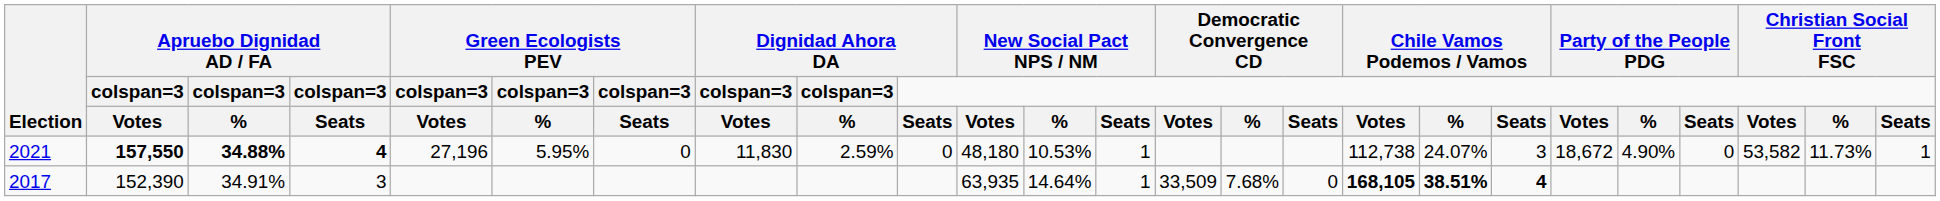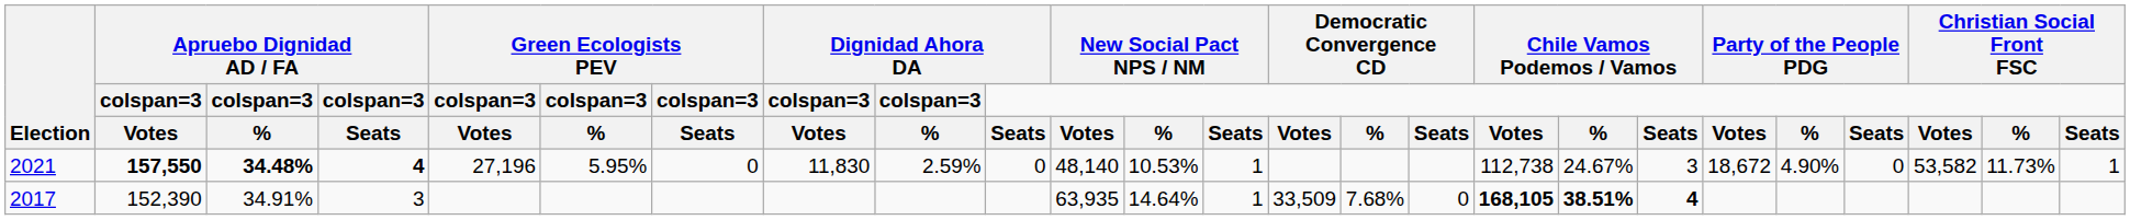 <table class="wikitable" border="1" style="font-size:95%; text-align:right;">
 <tr>
 <th style="text-align:left;" valign=bottom rowspan=3>Election</th>
 <th valign=bottom colspan=3><a href='#'>Apruebo Dignidad</a><br>AD / FA</th>
 <th valign=bottom colspan=3><a href='#'>Green Ecologists</a><br>PEV</th>
 <th valign=bottom colspan=3><a href='#'>Dignidad Ahora</a><br>DA</th>
 <th valign=bottom colspan=3><a href='#'>New Social Pact</a><br>NPS / NM</th>
 <th valign=bottom colspan=3>Democratic<br>Convergence<br>CD</th>
 <th valign=bottom colspan=3><a href='#'>Chile Vamos</a><br>Podemos / Vamos</th>
 <th valign=bottom colspan=3><a href='#'>Party of the People</a><br>PDG</th>
 <th valign=bottom colspan=3><a href='#'>Christian Social Front</a><br>FSC</th>
 </tr>
 <tr>
 <th>colspan=3 </th>
 <th>colspan=3 </th>
 <th>colspan=3 </th>
 <th>colspan=3 </th>
 <th>colspan=3 </th>
 <th>colspan=3 </th>
 <th>colspan=3 </th>
 <th>colspan=3 </th>
 </tr>
 <tr>
 <th>Votes</th>
 <th>%</th>
 <th>Seats</th>
 <th>Votes</th>
 <th>%</th>
 <th>Seats</th>
 <th>Votes</th>
 <th>%</th>
 <th>Seats</th>
 <th>Votes</th>
 <th>%</th>
 <th>Seats</th>
 <th>Votes</th>
 <th>%</th>
 <th>Seats</th>
 <th>Votes</th>
 <th>%</th>
 <th>Seats</th>
 <th>Votes</th>
 <th>%</th>
 <th>Seats</th>
 <th>Votes</th>
 <th>%</th>
 <th>Seats</th>
 </tr>
 <tr>
 <td align=left><a href='#'>2021</a></td>
 <td><strong>157,550</strong></td>
-<td><strong>34.88%</strong></td>
+<td><strong>34.48%</strong></td>
 <td><strong>4</strong></td>
 <td>27,196</td>
 <td>5.95%</td>
 <td>0</td>
 <td>11,830</td>
 <td>2.59%</td>
 <td>0</td>
-<td>48,180</td>
+<td>48,140</td>
 <td>10.53%</td>
 <td>1</td>
 <td></td>
 <td></td>
 <td></td>
 <td>112,738</td>
-<td>24.07%</td>
+<td>24.67%</td>
 <td>3</td>
 <td>18,672</td>
 <td>4.90%</td>
 <td>0</td>
 <td>53,582</td>
 <td>11.73%</td>
 <td>1</td>
 </tr>
 <tr>
 <td align=left><a href='#'>2017</a></td>
 <td>152,390</td>
 <td>34.91%</td>
 <td>3</td>
 <td></td>
 <td></td>
 <td></td>
 <td></td>
 <td></td>
 <td></td>
 <td>63,935</td>
 <td>14.64%</td>
 <td>1</td>
 <td>33,509</td>
 <td>7.68%</td>
 <td>0</td>
 <td><strong>168,105</strong></td>
 <td><strong>38.51%</strong></td>
 <td><strong>4</strong></td>
 <td></td>
 <td></td>
 <td></td>
 <td></td>
 <td></td>
 <td></td>
 </tr>
 </table>
